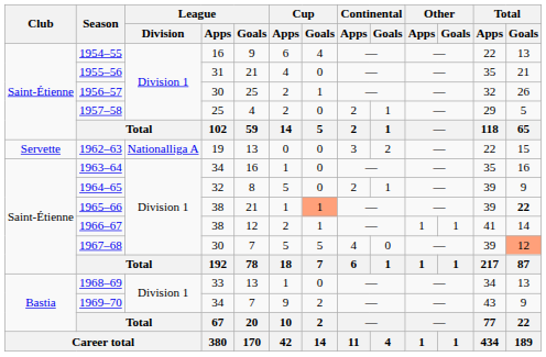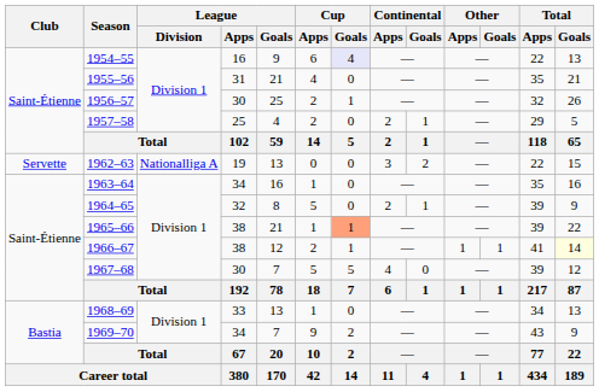 <table class="wikitable" style="text-align:center">
 <tr>
 <th rowspan="2">Club</th>
 <th rowspan="2">Season</th>
 <th colspan="3">League</th>
 <th colspan="2">Cup</th>
 <th colspan="2">Continental</th>
 <th colspan="2">Other</th>
 <th colspan="2">Total</th>
 </tr>
 <tr>
 <th>Division</th>
 <th>Apps</th>
 <th>Goals</th>
 <th>Apps</th>
 <th>Goals</th>
 <th>Apps</th>
 <th>Goals</th>
 <th>Apps</th>
 <th>Goals</th>
 <th>Apps</th>
 <th>Goals</th>
 </tr>
 <tr>
 <td rowspan="5"><a href='#'>Saint-Étienne</a></td>
 <td><a href='#'>1954–55</a></td>
 <td rowspan="4"><a href='#'>Division 1</a></td>
 <td>16</td>
 <td>9</td>
 <td>6</td>
-<td>4</td>
+<td style="background: lavender;">4</td>
 <td colspan="2">—</td>
 <td colspan="2">—</td>
 <td>22</td>
 <td>13</td>
 </tr>
 <tr>
 <td><a href='#'>1955–56</a></td>
 <td>31</td>
 <td>21</td>
 <td>4</td>
 <td>0</td>
 <td colspan="2">—</td>
 <td colspan="2">—</td>
 <td>35</td>
 <td>21</td>
 </tr>
 <tr>
 <td><a href='#'>1956–57</a></td>
 <td>30</td>
 <td>25</td>
 <td>2</td>
 <td>1</td>
 <td colspan="2">—</td>
 <td colspan="2">—</td>
 <td>32</td>
 <td>26</td>
 </tr>
 <tr>
 <td><a href='#'>1957–58</a></td>
 <td>25</td>
 <td>4</td>
 <td>2</td>
 <td>0</td>
 <td>2</td>
 <td>1</td>
 <td colspan="2">—</td>
 <td>29</td>
 <td>5</td>
 </tr>
 <tr>
 <th colspan="2">Total</th>
 <th>102</th>
 <th>59</th>
 <th>14</th>
 <th>5</th>
 <th>2</th>
 <th>1</th>
 <th colspan="2">—</th>
 <th>118</th>
 <th>65</th>
 </tr>
 <tr>
 <td><a href='#'>Servette</a></td>
 <td><a href='#'>1962–63</a></td>
 <td><a href='#'>Nationalliga A</a></td>
 <td>19</td>
 <td>13</td>
 <td>0</td>
 <td>0</td>
 <td>3</td>
 <td>2</td>
 <td colspan="2">—</td>
 <td>22</td>
 <td>15</td>
 </tr>
 <tr>
 <td rowspan="6">Saint-Étienne</td>
 <td><a href='#'>1963–64</a></td>
 <td rowspan="5">Division 1</td>
 <td>34</td>
 <td>16</td>
 <td>1</td>
 <td>0</td>
 <td colspan="2">—</td>
 <td colspan="2">—</td>
 <td>35</td>
 <td>16</td>
 </tr>
 <tr>
 <td><a href='#'>1964–65</a></td>
 <td>32</td>
 <td>8</td>
 <td>5</td>
 <td>0</td>
 <td>2</td>
 <td>1</td>
 <td colspan="2">—</td>
 <td>39</td>
 <td>9</td>
 </tr>
 <tr>
 <td><a href='#'>1965–66</a></td>
 <td>38</td>
 <td>21</td>
 <td>1</td>
 <td style="background: lightsalmon;">1</td>
 <td colspan="2">—</td>
 <td colspan="2">—</td>
 <td>39</td>
-<td><strong>22</strong></td>
+<td>22</td>
 </tr>
 <tr>
 <td><a href='#'>1966–67</a></td>
 <td>38</td>
 <td>12</td>
 <td>2</td>
 <td>1</td>
 <td colspan="2">—</td>
 <td>1</td>
 <td>1</td>
 <td>41</td>
-<td>14</td>
+<td style="background: lightyellow;">14</td>
 </tr>
 <tr>
 <td><a href='#'>1967–68</a></td>
 <td>30</td>
 <td>7</td>
 <td>5</td>
 <td>5</td>
 <td>4</td>
 <td>0</td>
 <td colspan="2">—</td>
 <td>39</td>
-<td style="background: lightsalmon;">12</td>
+<td>12</td>
 </tr>
 <tr>
 <th colspan="2">Total</th>
 <th>192</th>
 <th>78</th>
 <th>18</th>
 <th>7</th>
 <th>6</th>
 <th>1</th>
 <th>1</th>
 <th>1</th>
 <th>217</th>
 <th>87</th>
 </tr>
 <tr>
 <td rowspan="3"><a href='#'>Bastia</a></td>
 <td><a href='#'>1968–69</a></td>
 <td rowspan="2">Division 1</td>
 <td>33</td>
 <td>13</td>
 <td>1</td>
 <td>0</td>
 <td colspan="2">—</td>
 <td colspan="2">—</td>
 <td>34</td>
 <td>13</td>
 </tr>
 <tr>
 <td><a href='#'>1969–70</a></td>
 <td>34</td>
 <td>7</td>
 <td>9</td>
 <td>2</td>
 <td colspan="2">—</td>
 <td colspan="2">—</td>
 <td>43</td>
 <td>9</td>
 </tr>
 <tr>
 <th colspan="2">Total</th>
 <th>67</th>
 <th>20</th>
 <th>10</th>
 <th>2</th>
 <th colspan="2">—</th>
 <th colspan="2">—</th>
 <th>77</th>
 <th>22</th>
 </tr>
 <tr>
 <th colspan="3">Career total</th>
 <th>380</th>
 <th>170</th>
 <th>42</th>
 <th>14</th>
 <th>11</th>
 <th>4</th>
 <th>1</th>
 <th>1</th>
 <th>434</th>
 <th>189</th>
 </tr>
 </table>
